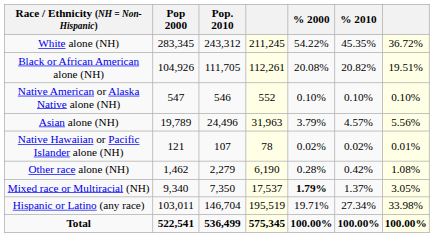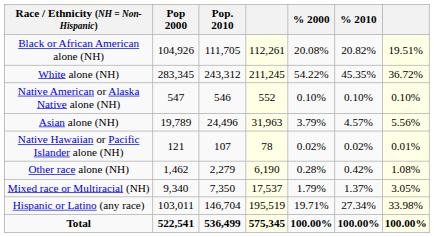 <table class="wikitable" style="text-align:center;">
 <tr>
 <th>Race / Ethnicity <small>(<em>NH = Non-Hispanic</em>)</small></th>
 <th>Pop 2000</th>
 <th>Pop. 2010</th>
 <th></th>
 <th>% 2000</th>
 <th>% 2010</th>
 <th></th>
 </tr>
 <tr>
+<td><a href='#'>Black or African American</a> alone (NH)</td>
+<td>104,926</td>
+<td>111,705</td>
+<td style='background: #ffffe6;'>112,261</td>
+<td>20.08%</td>
+<td>20.82%</td>
+<td style='background: #ffffe6;'>19.51%</td>
+</tr>
+<tr>
 <td><a href='#'>White</a> alone (NH)</td>
 <td>283,345</td>
 <td>243,312</td>
 <td style='background: #ffffe6;'>211,245</td>
 <td>54.22%</td>
 <td>45.35%</td>
 <td style='background: #ffffe6;'>36.72%</td>
-</tr>
-<tr>
-<td><a href='#'>Black or African American</a> alone (NH)</td>
-<td>104,926</td>
-<td>111,705</td>
-<td style='background: #ffffe6;'>112,261</td>
-<td>20.08%</td>
-<td>20.82%</td>
-<td style='background: #ffffe6;'>19.51%</td>
 </tr>
 <tr>
 <td><a href='#'>Native American</a> or <a href='#'>Alaska Native</a> alone (NH)</td>
 <td>547</td>
 <td>546</td>
 <td style='background: #ffffe6;'>552</td>
 <td>0.10%</td>
 <td>0.10%</td>
 <td style='background: #ffffe6;'>0.10%</td>
 </tr>
 <tr>
 <td><a href='#'>Asian</a> alone (NH)</td>
 <td>19,789</td>
 <td>24,496</td>
 <td style='background: #ffffe6;'>31,963</td>
 <td>3.79%</td>
 <td>4.57%</td>
 <td style='background: #ffffe6;'>5.56%</td>
 </tr>
 <tr>
 <td><a href='#'>Native Hawaiian</a> or <a href='#'>Pacific Islander</a> alone (NH)</td>
 <td>121</td>
 <td>107</td>
 <td style='background: #ffffe6;'>78</td>
 <td>0.02%</td>
 <td>0.02%</td>
 <td style='background: #ffffe6;'>0.01%</td>
 </tr>
 <tr>
 <td><a href='#'>Other race</a> alone (NH)</td>
 <td>1,462</td>
 <td>2,279</td>
 <td style='background: #ffffe6;'>6,190</td>
 <td>0.28%</td>
 <td>0.42%</td>
 <td style='background: #ffffe6;'>1.08%</td>
 </tr>
 <tr>
 <td><a href='#'>Mixed race or Multiracial</a> (NH)</td>
 <td>9,340</td>
 <td>7,350</td>
 <td style='background: #ffffe6;'>17,537</td>
-<td><strong>1.79%</strong></td>
+<td>1.79%</td>
 <td>1.37%</td>
 <td style='background: #ffffe6;'>3.05%</td>
 </tr>
 <tr>
 <td><a href='#'>Hispanic or Latino</a> (any race)</td>
 <td>103,011</td>
 <td>146,704</td>
 <td style='background: #ffffe6;'>195,519</td>
 <td>19.71%</td>
 <td>27.34%</td>
 <td style='background: #ffffe6;'>33.98%</td>
 </tr>
 <tr>
 <td><strong>Total</strong></td>
 <td><strong>522,541</strong></td>
 <td><strong>536,499</strong></td>
 <td style='background: #ffffe6;'><strong>575,345</strong></td>
 <td><strong>100.00%</strong></td>
 <td><strong>100.00%</strong></td>
 <td style='background: #ffffe6;'><strong>100.00%</strong></td>
 </tr>
 </table>
